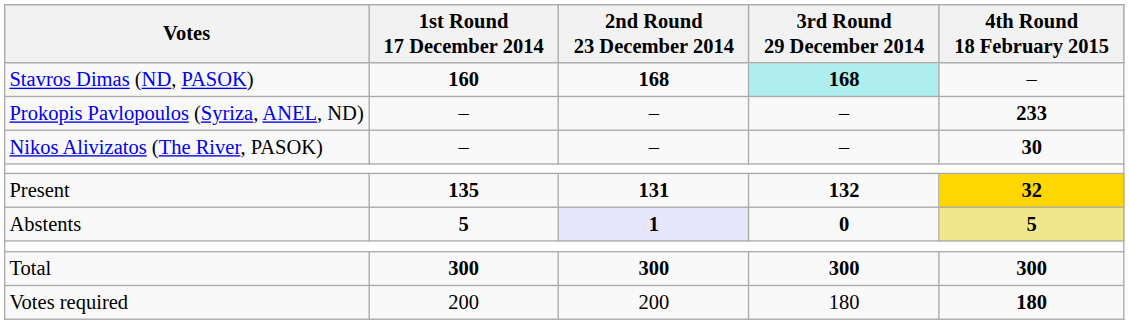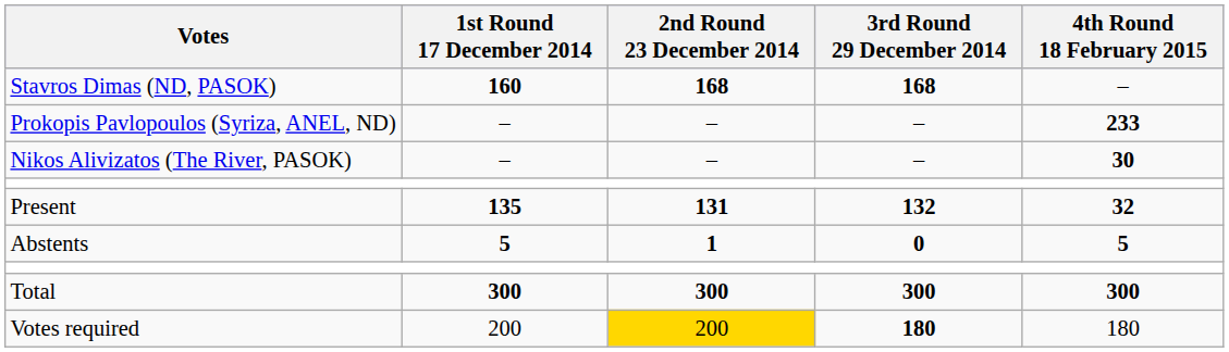 <table class="wikitable" style="text-align: left; font-size:95%">
 <tr bgcolor="#ccccff">
 <th>Votes</th>
 <th>  1st Round  <br>  17 December 2014  </th>
 <th>  2nd Round  <br>  23 December 2014  </th>
 <th>  3rd Round  <br>  29 December 2014  </th>
 <th>  4th Round  <br>  18 February 2015  </th>
 </tr>
 <tr>
 <td><a href='#'>Stavros Dimas</a> (<a href='#'>ND</a>, <a href='#'>PASOK</a>)</td>
 <td align="center"><strong>160</strong></td>
 <td align="center"><strong>168</strong></td>
-<td align="center" style="background: paleturquoise;"><strong>168</strong></td>
+<td align="center"><strong>168</strong></td>
 <td align="center">–</td>
 </tr>
 <tr>
 <td><a href='#'>Prokopis Pavlopoulos</a> (<a href='#'>Syriza</a>, <a href='#'>ANEL</a>, ND)</td>
 <td align="center">–</td>
 <td align="center">–</td>
 <td align="center">–</td>
 <td align="center"><strong>233</strong></td>
 </tr>
 <tr>
 <td><a href='#'>Nikos Alivizatos</a> (<a href='#'>The River</a>, PASOK)</td>
 <td align="center">–</td>
 <td align="center">–</td>
 <td align="center">–</td>
 <td align="center"><strong>30</strong></td>
 </tr>
 <tr>
 <td colspan=10 style="text-align: center;" bgcolor=white></td>
 </tr>
 <tr>
 <td>Present</td>
 <td align="center"><strong>135</strong></td>
 <td align="center"><strong>131</strong></td>
 <td align="center"><strong>132</strong></td>
-<td align="center" style="background: gold;"><strong>32</strong></td>
+<td align="center"><strong>32</strong></td>
 </tr>
 <tr>
 <td>Abstents</td>
 <td align="center"><strong>5</strong></td>
-<td align="center" style="background: lavender;"><strong>1</strong></td>
+<td align="center"><strong>1</strong></td>
 <td align="center"><strong>0</strong></td>
-<td align="center" style="background: khaki;"><strong>5</strong></td>
+<td align="center"><strong>5</strong></td>
 </tr>
 <tr>
 <td colspan=10 style="text-align: center;" bgcolor=white></td>
 </tr>
 <tr>
 <td>Total</td>
 <td align="center"><strong>300</strong></td>
 <td align="center"><strong>300</strong></td>
 <td align="center"><strong>300</strong></td>
 <td align="center"><strong>300</strong></td>
 </tr>
 <tr>
 <td>Votes required</td>
 <td align="center">200</td>
-<td align="center">200</td>
+<td align="center" style="background: gold;">200</td>
+<td align="center"><strong>180</strong></td>
 <td align="center">180</td>
-<td align="center"><strong>180</strong></td>
 </tr>
 </table>
